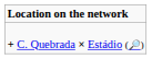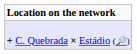 <table role="presentation" class="wikitable mw-collapsible mw-collapsed floatright">
 <tr>
 <td><strong>Location on the network</strong></td>
 </tr>
 <tr>
-<td><br><span><strong>+</strong> <a href='#'>C. Quebrada</a></span> <span><strong>×</strong> <a href='#'>Estádio</a></span> <small>(<a href='#'>🔎</a>)</small></td>
+<td style="background: lavender;"><br><span><strong>+</strong> <a href='#'>C. Quebrada</a></span> <span><strong>×</strong> <a href='#'>Estádio</a></span> <small>(<a href='#'>🔎</a>)</small></td>
 </tr>
 </table>
